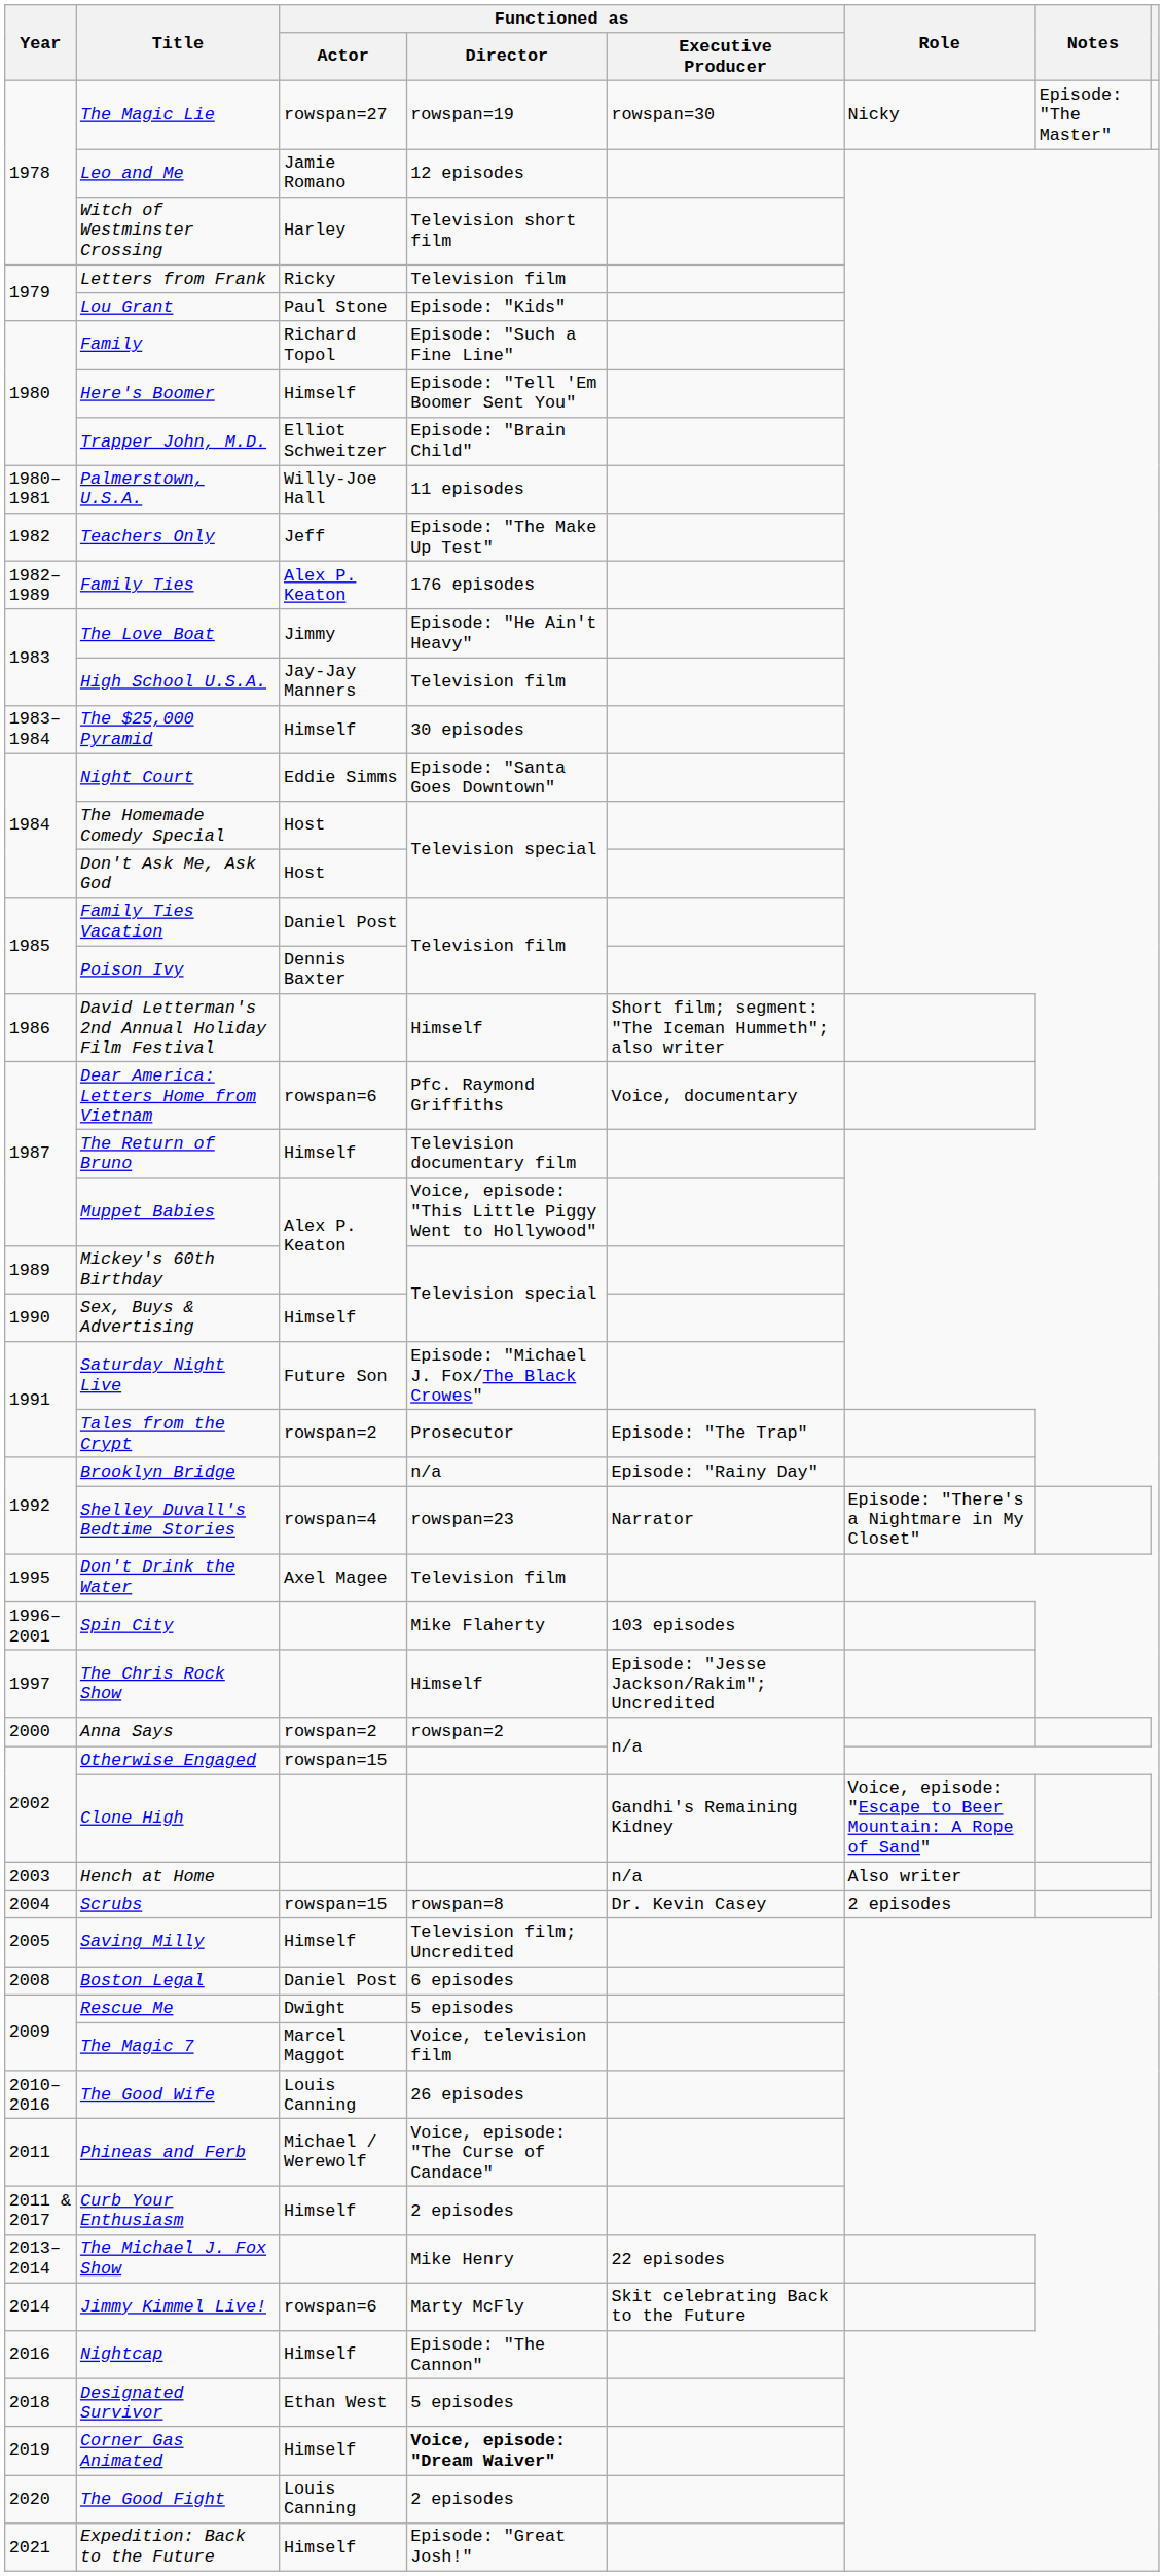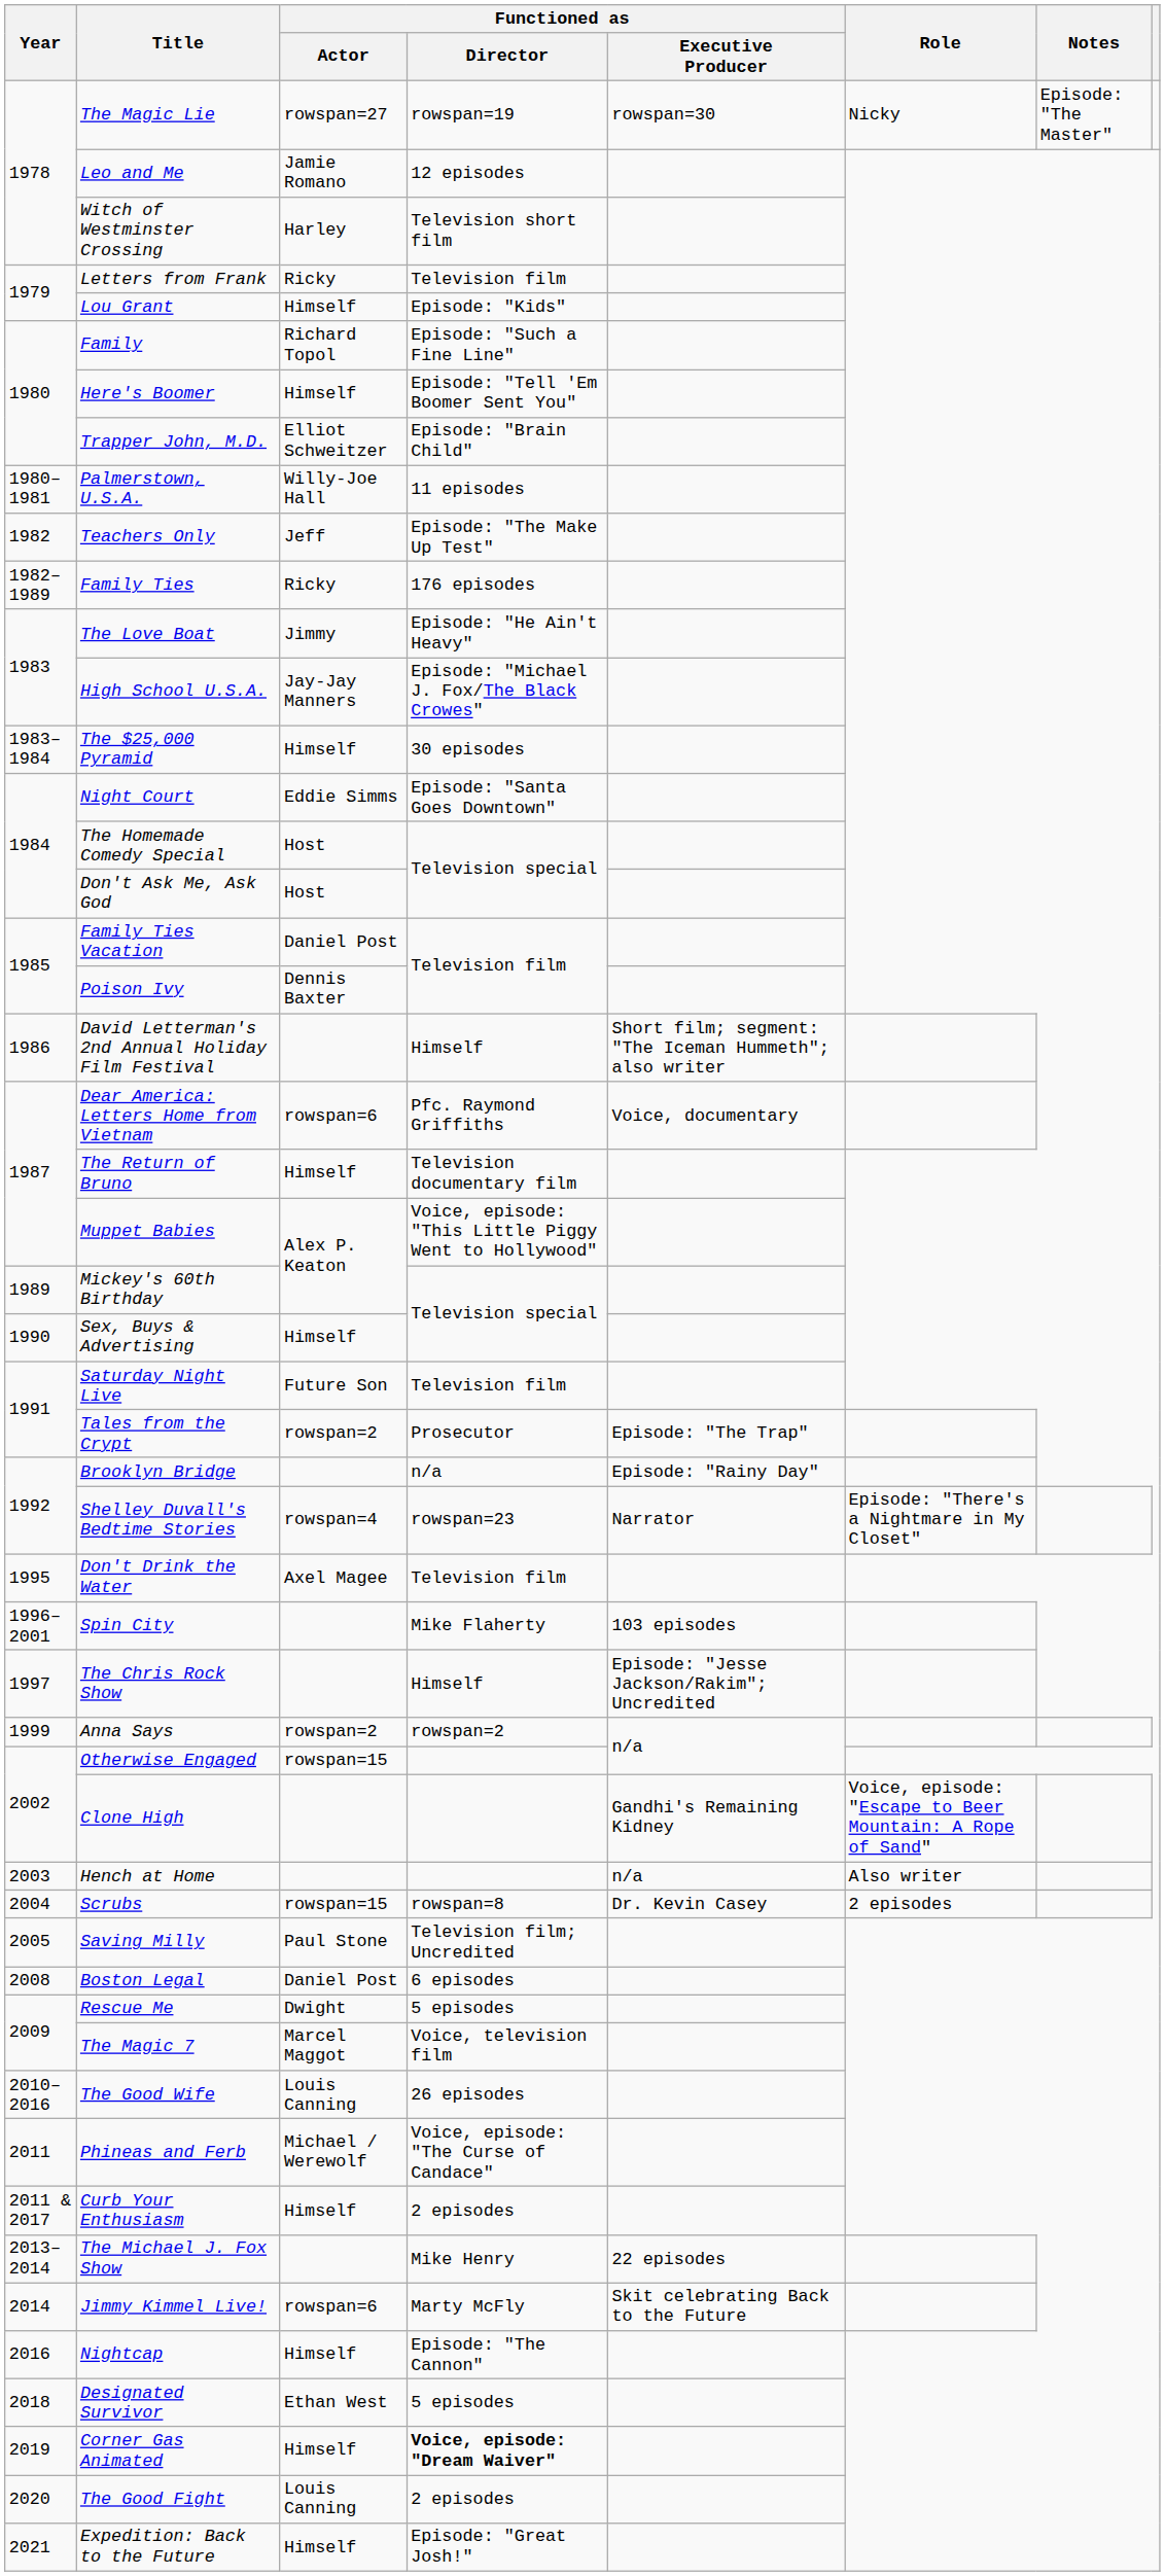 <table class="wikitable sortable plainrowheaders sticky-header-multi">
 <tr>
 <th rowspan=2>Year</th>
 <th rowspan=2>Title</th>
 <th colspan=3>Functioned as</th>
 <th rowspan=2>Role</th>
 <th rowspan=2 class="unsortable">Notes</th>
 <th rowspan=2 class="unsortable"></th>
 </tr>
 <tr>
 <th>Actor</th>
 <th>Director</th>
 <th>Executive<br>Producer</th>
 </tr>
 <tr>
 <td rowspan=3>1978</td>
 <td data-sort-value="Magic Lie, The"><em><a href='#'>The Magic Lie</a></em></td>
 <td>rowspan=27 </td>
 <td>rowspan=19 </td>
 <td>rowspan=30 </td>
 <td>Nicky</td>
 <td>Episode: "The Master"</td>
 <td></td>
 </tr>
 <tr>
 <td><em><a href='#'>Leo and Me</a></em></td>
 <td>Jamie Romano</td>
 <td>12 episodes</td>
 <td></td>
 </tr>
 <tr>
 <td><em>Witch of Westminster Crossing</em></td>
 <td>Harley</td>
 <td>Television short film</td>
 <td></td>
 </tr>
 <tr>
 <td rowspan=2>1979</td>
 <td><em>Letters from Frank</em></td>
 <td>Ricky</td>
 <td>Television film</td>
 <td></td>
 </tr>
 <tr>
 <td><em><a href='#'>Lou Grant</a></em></td>
-<td>Paul Stone</td>
+<td>Himself</td>
 <td>Episode: "Kids"</td>
 <td></td>
 </tr>
 <tr>
 <td rowspan=3>1980</td>
 <td><em><a href='#'>Family</a></em></td>
 <td>Richard Topol</td>
 <td>Episode: "Such a Fine Line"</td>
 <td></td>
 </tr>
 <tr>
 <td><em><a href='#'>Here's Boomer</a></em></td>
 <td>Himself</td>
 <td>Episode: "Tell 'Em Boomer Sent You"</td>
 <td></td>
 </tr>
 <tr>
 <td><em><a href='#'>Trapper John, M.D.</a></em></td>
 <td>Elliot Schweitzer</td>
 <td>Episode: "Brain Child"</td>
 <td></td>
 </tr>
 <tr>
 <td>1980–1981</td>
 <td><em><a href='#'>Palmerstown, U.S.A.</a></em></td>
 <td>Willy-Joe Hall</td>
 <td>11 episodes</td>
 <td></td>
 </tr>
 <tr>
 <td>1982</td>
 <td><em><a href='#'>Teachers Only</a></em></td>
 <td>Jeff</td>
 <td>Episode: "The Make Up Test"</td>
 <td></td>
 </tr>
 <tr>
 <td>1982–1989</td>
 <td><em><a href='#'>Family Ties</a></em></td>
-<td><a href='#'>Alex P. Keaton</a></td>
+<td>Ricky</td>
 <td>176 episodes</td>
 <td></td>
 </tr>
 <tr>
 <td rowspan=2>1983</td>
 <td data-sort-value="Love Boat, The"><em><a href='#'>The Love Boat</a></em></td>
 <td>Jimmy</td>
 <td>Episode: "He Ain't Heavy"</td>
 <td></td>
 </tr>
 <tr>
 <td><em><a href='#'>High School U.S.A.</a></em></td>
 <td>Jay-Jay Manners</td>
-<td>Television film</td>
+<td>Episode: "Michael J. Fox/<a href='#'>The Black Crowes</a>"</td>
 <td></td>
 </tr>
 <tr>
 <td>1983–1984</td>
 <td data-sort-value="$25,000 Pyramid, The"><em><a href='#'>The $25,000 Pyramid</a></em></td>
 <td>Himself</td>
 <td>30 episodes</td>
 <td></td>
 </tr>
 <tr>
 <td rowspan=3>1984</td>
 <td><em><a href='#'>Night Court</a></em></td>
 <td>Eddie Simms</td>
 <td>Episode: "Santa Goes Downtown"</td>
 <td></td>
 </tr>
 <tr>
 <td data-sort-value="Homemade Comedy Special, The"><em>The Homemade Comedy Special</em></td>
 <td>Host</td>
 <td rowspan=2>Television special</td>
 <td></td>
 </tr>
 <tr>
 <td><em>Don't Ask Me, Ask God</em></td>
 <td>Host</td>
 <td></td>
 </tr>
 <tr>
 <td rowspan=2>1985</td>
 <td><em><a href='#'>Family Ties Vacation</a></em></td>
 <td>Daniel Post</td>
 <td rowspan=2>Television film</td>
 <td></td>
 </tr>
 <tr>
 <td><em><a href='#'>Poison Ivy</a></em></td>
 <td>Dennis Baxter</td>
 <td></td>
 </tr>
 <tr>
 <td>1986</td>
 <td><em>David Letterman's 2nd Annual Holiday Film Festival</em></td>
 <td></td>
 <td>Himself</td>
 <td>Short film; segment: "The Iceman Hummeth"; also writer</td>
 <td></td>
 </tr>
 <tr>
 <td rowspan=3>1987</td>
 <td><em><a href='#'>Dear America: Letters Home from Vietnam</a></em></td>
 <td>rowspan=6 </td>
 <td>Pfc. Raymond Griffiths</td>
 <td>Voice, documentary</td>
 <td></td>
 </tr>
 <tr>
 <td data-sort-value="Return of Bruno, The"><em><a href='#'>The Return of Bruno</a></em></td>
 <td>Himself</td>
 <td>Television documentary film</td>
 <td></td>
 </tr>
 <tr>
 <td><em><a href='#'>Muppet Babies</a></em></td>
 <td rowspan=2>Alex P. Keaton</td>
 <td>Voice, episode: "This Little Piggy Went to Hollywood"</td>
 <td></td>
 </tr>
 <tr>
 <td>1989</td>
 <td><em>Mickey's 60th Birthday</em></td>
 <td rowspan=2>Television special</td>
 <td></td>
 </tr>
 <tr>
 <td>1990</td>
 <td><em>Sex, Buys & Advertising</em></td>
 <td>Himself</td>
 <td></td>
 </tr>
 <tr>
 <td rowspan=2>1991</td>
 <td><em><a href='#'>Saturday Night Live</a></em></td>
 <td>Future Son</td>
-<td>Episode: "Michael J. Fox/<a href='#'>The Black Crowes</a>"</td>
+<td>Television film</td>
 <td></td>
 </tr>
 <tr>
 <td><em><a href='#'>Tales from the Crypt</a></em> </td>
 <td>rowspan=2 </td>
 <td>Prosecutor</td>
 <td>Episode: "The Trap"</td>
 <td></td>
 </tr>
 <tr>
 <td rowspan=2>1992 </td>
 <td><em><a href='#'>Brooklyn Bridge</a></em></td>
 <td></td>
 <td>n/a</td>
 <td>Episode: "Rainy Day"</td>
 <td></td>
 </tr>
 <tr>
 <td><em><a href='#'>Shelley Duvall's Bedtime Stories</a></em> </td>
 <td>rowspan=4 </td>
 <td>rowspan=23 </td>
 <td>Narrator</td>
 <td>Episode: "There's a Nightmare in My Closet"</td>
 <td></td>
 </tr>
 <tr>
 <td>1995</td>
 <td><em><a href='#'>Don't Drink the Water</a></em></td>
 <td>Axel Magee</td>
 <td>Television film</td>
 <td></td>
 </tr>
 <tr>
 <td>1996–2001</td>
 <td><em><a href='#'>Spin City</a></em></td>
 <td></td>
 <td>Mike Flaherty</td>
 <td>103 episodes</td>
 <td></td>
 </tr>
 <tr>
 <td>1997</td>
 <td data-sort-value="Chris Rock Show, The"><em><a href='#'>The Chris Rock Show</a></em></td>
 <td></td>
 <td>Himself</td>
 <td>Episode: "Jesse Jackson/Rakim"; Uncredited</td>
 <td></td>
 </tr>
 <tr>
-<td>2000</td>
+<td>1999</td>
 <td><em>Anna Says</em></td>
 <td>rowspan=2 </td>
 <td>rowspan=2 </td>
 <td rowspan=2>n/a</td>
 <td></td>
 <td></td>
 </tr>
 <tr>
 <td rowspan=2>2002</td>
 <td><em><a href='#'>Otherwise Engaged</a></em></td>
 <td>rowspan=15 </td>
 <td></td>
 </tr>
 <tr>
 <td><em><a href='#'>Clone High</a></em> </td>
 <td></td>
 <td></td>
 <td>Gandhi's Remaining Kidney</td>
 <td>Voice, episode: "<a href='#'>Escape to Beer Mountain: A Rope of Sand</a>"</td>
 <td></td>
 </tr>
 <tr>
 <td>2003</td>
 <td><em>Hench at Home</em></td>
 <td></td>
 <td></td>
 <td>n/a</td>
 <td>Also writer</td>
 <td></td>
 </tr>
 <tr>
 <td>2004</td>
 <td><em><a href='#'>Scrubs</a></em></td>
 <td>rowspan=15 </td>
 <td>rowspan=8 </td>
 <td>Dr. Kevin Casey</td>
 <td>2 episodes</td>
 <td></td>
 </tr>
 <tr>
 <td>2005</td>
 <td><em><a href='#'>Saving Milly</a></em></td>
-<td>Himself</td>
+<td>Paul Stone</td>
 <td>Television film; Uncredited</td>
 <td></td>
 </tr>
 <tr>
 <td>2008</td>
 <td><em><a href='#'>Boston Legal</a></em></td>
 <td>Daniel Post</td>
 <td>6 episodes</td>
 <td></td>
 </tr>
 <tr>
 <td rowspan=2>2009</td>
 <td><em><a href='#'>Rescue Me</a></em></td>
 <td>Dwight</td>
 <td>5 episodes</td>
 <td></td>
 </tr>
 <tr>
 <td data-sort-value="Magic 7, The"><em><a href='#'>The Magic 7</a></em></td>
 <td>Marcel Maggot</td>
 <td>Voice, television film</td>
 <td></td>
 </tr>
 <tr>
 <td>2010–2016</td>
 <td data-sort-value="Good Wife, The"><em><a href='#'>The Good Wife</a></em></td>
 <td>Louis Canning</td>
 <td>26 episodes</td>
 <td></td>
 </tr>
 <tr>
 <td>2011</td>
 <td><em><a href='#'>Phineas and Ferb</a></em></td>
 <td>Michael / Werewolf</td>
 <td>Voice, episode: "The Curse of Candace"</td>
 <td></td>
 </tr>
 <tr>
 <td>2011 & 2017</td>
 <td><em><a href='#'>Curb Your Enthusiasm</a></em></td>
 <td>Himself</td>
 <td>2 episodes</td>
 <td></td>
 </tr>
 <tr>
 <td>2013–2014</td>
 <td data-sort-value="Michael J. Fox Show, The"><em><a href='#'>The Michael J. Fox Show</a></em></td>
 <td></td>
 <td>Mike Henry</td>
 <td>22 episodes</td>
 <td></td>
 </tr>
 <tr>
 <td>2014</td>
 <td><em><a href='#'>Jimmy Kimmel Live!</a></em></td>
 <td>rowspan=6 </td>
 <td>Marty McFly</td>
 <td>Skit celebrating Back to the Future</td>
 <td style="text-align:center;"></td>
 </tr>
 <tr>
 <td>2016</td>
 <td><em><a href='#'>Nightcap</a></em></td>
 <td>Himself</td>
 <td>Episode: "The Cannon"</td>
 <td></td>
 </tr>
 <tr>
 <td>2018</td>
 <td><em><a href='#'>Designated Survivor</a></em></td>
 <td>Ethan West</td>
 <td>5 episodes</td>
 <td style="text-align:center;"></td>
 </tr>
 <tr>
 <td>2019</td>
 <td><em><a href='#'>Corner Gas Animated</a></em></td>
 <td>Himself</td>
 <td><strong>Voice, episode: "Dream Waiver"</strong></td>
 <td></td>
 </tr>
 <tr>
 <td>2020</td>
 <td data-sort-value="Good Fight, The"><em><a href='#'>The Good Fight</a></em></td>
 <td>Louis Canning</td>
 <td>2 episodes</td>
 <td></td>
 </tr>
 <tr>
 <td>2021</td>
 <td><em>Expedition: Back to the Future</em></td>
 <td>Himself</td>
 <td>Episode: "Great Josh!"</td>
 <td></td>
 </tr>
 </table>
